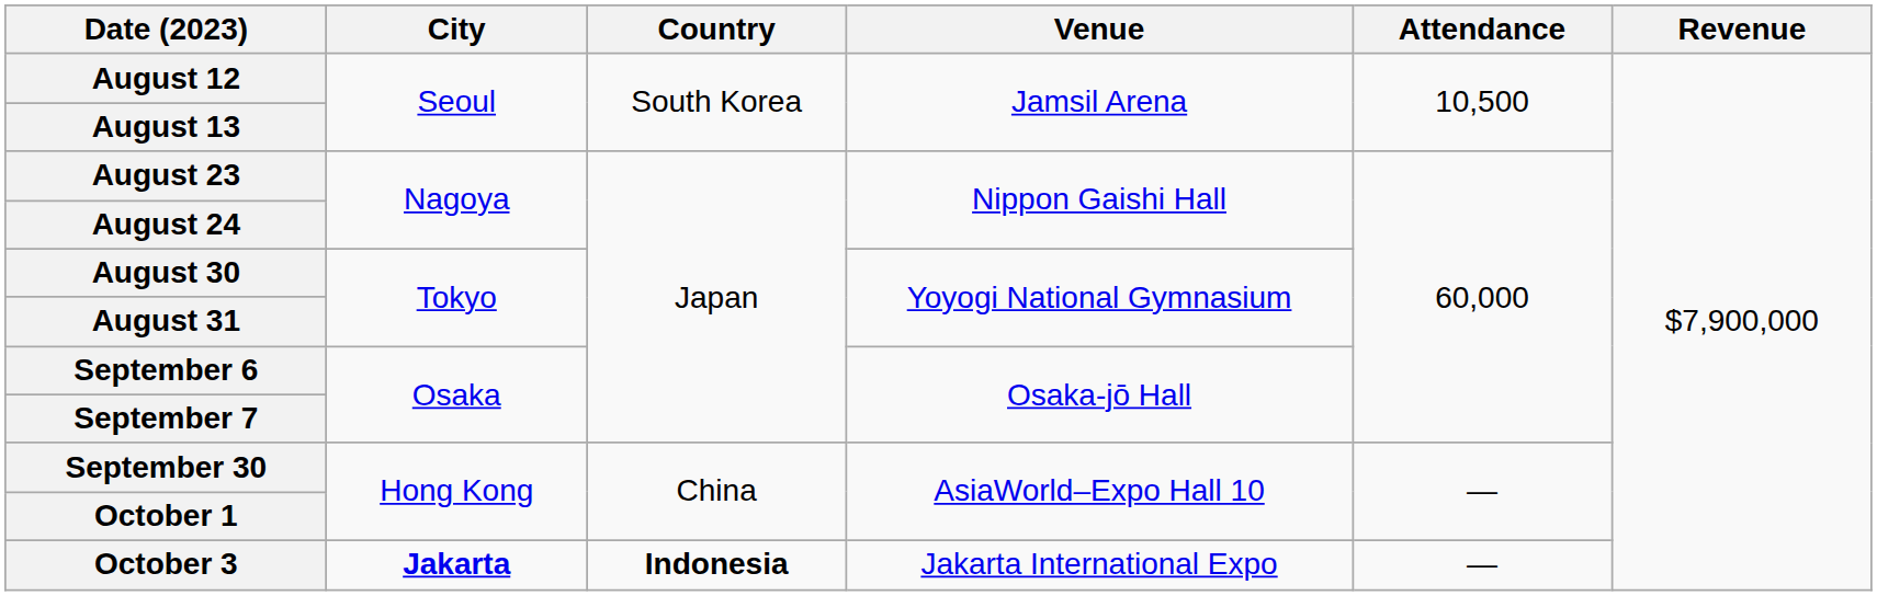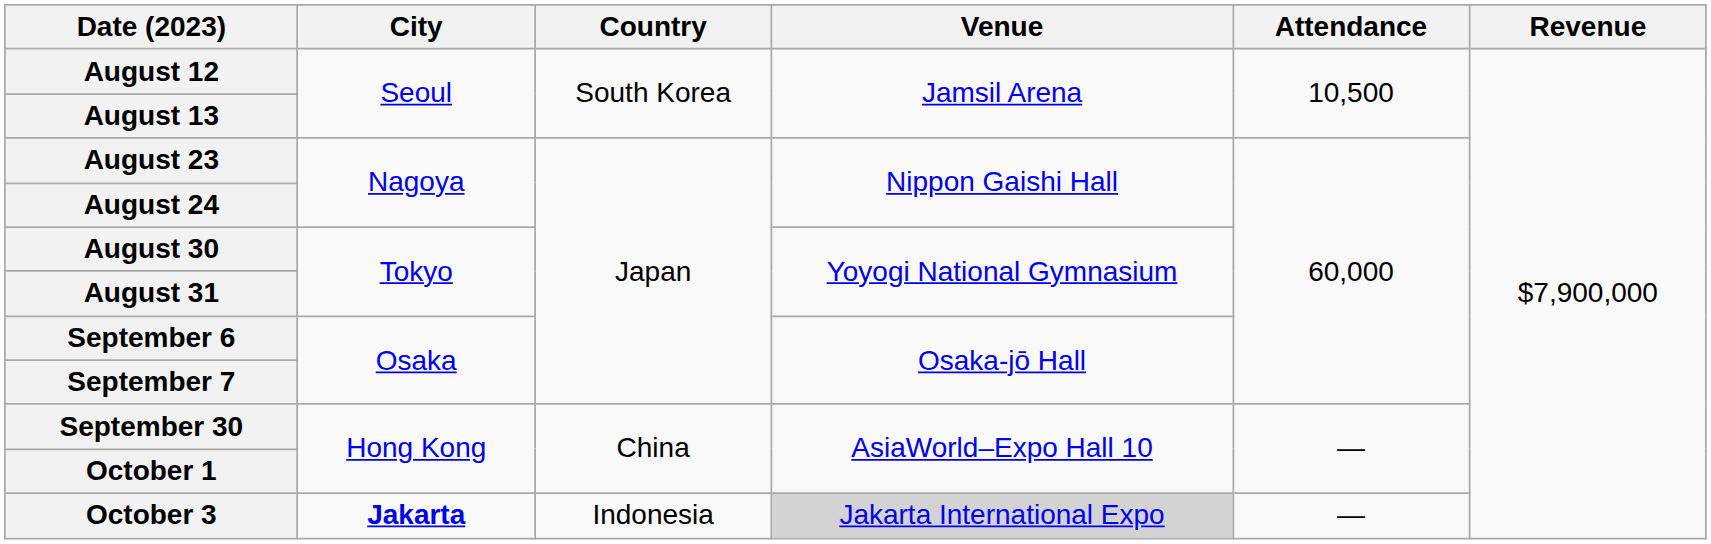 <table class="wikitable plainrowheaders" style="text-align:center">
 <tr>
 <th scope="col" style="width:10em">Date (2023)</th>
 <th scope="col" style="width:8em">City</th>
 <th scope="col" style="width:8em">Country</th>
 <th scope="col" style="width:16em">Venue</th>
 <th scope="col" style="width:8em">Attendance</th>
 <th scope="col" style="width:8em">Revenue</th>
 </tr>
 <tr>
 <th scope="row" style="text-align:center">August 12</th>
 <td rowspan="2"><a href='#'>Seoul</a></td>
 <td rowspan="2">South Korea</td>
 <td rowspan="2"><a href='#'>Jamsil Arena</a></td>
 <td rowspan="2">10,500</td>
 <td rowspan="11">$7,900,000</td>
 </tr>
 <tr>
 <th scope="row" style="text-align:center">August 13</th>
 </tr>
 <tr>
 <th scope="row" style="text-align:center">August 23</th>
 <td rowspan="2"><a href='#'>Nagoya</a></td>
 <td rowspan="6">Japan</td>
 <td rowspan="2"><a href='#'>Nippon Gaishi Hall</a></td>
 <td rowspan="6">60,000</td>
 </tr>
 <tr>
 <th scope="row" style="text-align:center">August 24</th>
 </tr>
 <tr>
 <th scope="row" style="text-align:center">August 30</th>
 <td rowspan="2"><a href='#'>Tokyo</a></td>
 <td rowspan="2"><a href='#'>Yoyogi National Gymnasium</a></td>
 </tr>
 <tr>
 <th scope="row" style="text-align:center">August 31</th>
 </tr>
 <tr>
 <th scope="row" style="text-align:center">September 6</th>
 <td rowspan="2"><a href='#'>Osaka</a></td>
 <td rowspan="2"><a href='#'>Osaka-jō Hall</a></td>
 </tr>
 <tr>
 <th scope="row" style="text-align:center">September 7</th>
 </tr>
 <tr>
 <th scope="row" style="text-align:center">September 30</th>
 <td rowspan="2"><a href='#'>Hong Kong</a></td>
 <td rowspan="2">China</td>
 <td rowspan="2"><a href='#'>AsiaWorld–Expo Hall 10</a></td>
 <td rowspan="2">—</td>
 </tr>
 <tr>
 <th scope="row" style="text-align:center">October 1</th>
 </tr>
 <tr>
 <th scope="row" style="text-align:center">October 3</th>
 <td><strong><a href='#'>Jakarta</a></strong></td>
-<td><strong>Indonesia</strong></td>
-<td><a href='#'>Jakarta International Expo</a></td>
+<td>Indonesia</td>
+<td style="background: lightgrey;"><a href='#'>Jakarta International Expo</a></td>
 <td>—</td>
 </tr>
 </table>
